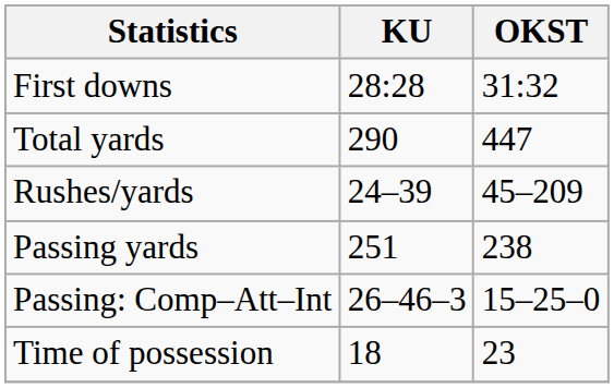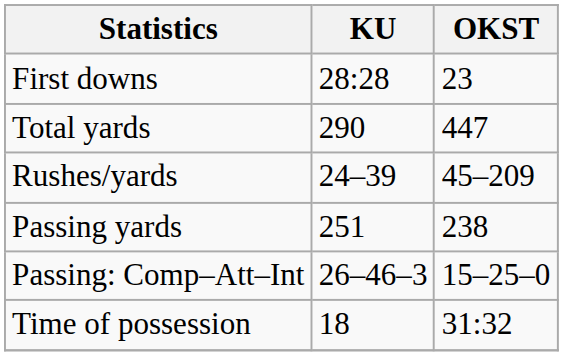 <table class="wikitable" style="float: left;">
 <tr>
 <th>Statistics</th>
 <th>KU</th>
 <th>OKST</th>
 </tr>
 <tr>
 <td>First downs</td>
 <td>28:28</td>
-<td>31:32</td>
+<td>23</td>
 </tr>
 <tr>
 <td>Total yards</td>
 <td>290</td>
 <td>447</td>
 </tr>
 <tr>
 <td>Rushes/yards</td>
 <td>24–39</td>
 <td>45–209</td>
 </tr>
 <tr>
 <td>Passing yards</td>
 <td>251</td>
 <td>238</td>
 </tr>
 <tr>
 <td>Passing: Comp–Att–Int</td>
 <td>26–46–3</td>
 <td>15–25–0</td>
 </tr>
 <tr>
 <td>Time of possession</td>
 <td>18</td>
-<td>23</td>
+<td>31:32</td>
 </tr>
 <tr>
 </tr>
 </table>
